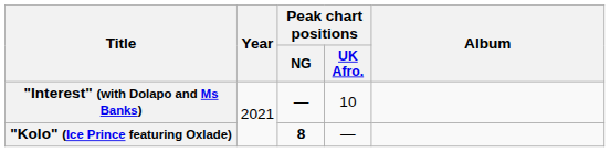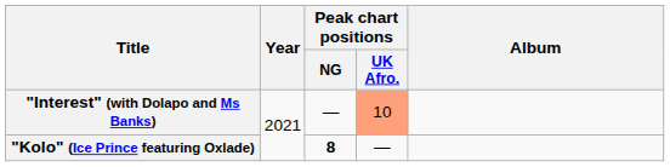 <table class="wikitable plainrowheaders" style="text-align:center;" border="1">
 <tr>
 <th scope="col" rowspan="2" style="width:15em;">Title</th>
 <th scope="col" rowspan="2" style="width:1em;">Year</th>
 <th scope="col" colspan="2">Peak chart positions</th>
 <th scope="col" rowspan="2" style="width:15em;">Album</th>
 </tr>
 <tr>
 <th scope="col" style="width:3em;font-size:90%;">NG<br></th>
 <th scope="col" style="width:3em;font-size:90%;"><a href='#'>UK<br>Afro.</a><br></th>
 </tr>
 <tr>
 <th scope="row">"Interest" <small>(with Dolapo and <a href='#'>Ms Banks</a>)</small></th>
 <td rowspan="2">2021</td>
 <td>—</td>
-<td>10</td>
+<td style="background: lightsalmon;">10</td>
 <td></td>
 </tr>
 <tr>
 <th scope="row">"Kolo" <small>(<a href='#'>Ice Prince</a> featuring Oxlade)</small></th>
 <td><strong>8</strong></td>
 <td>—</td>
 <td></td>
 </tr>
 </table>
